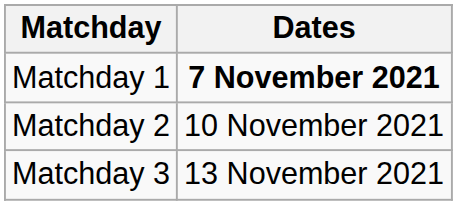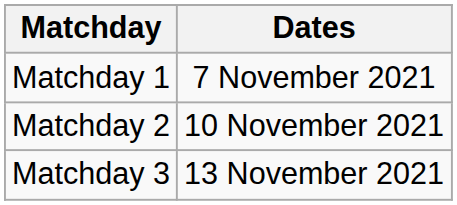 <table class="wikitable" style="text-align:center">
 <tr>
 </tr>
 <tr>
 <th>Matchday</th>
 <th>Dates</th>
 </tr>
 <tr>
 <td>Matchday 1</td>
-<td><strong>7 November 2021</strong></td>
+<td>7 November 2021</td>
 </tr>
 <tr>
 <td>Matchday 2</td>
 <td>10 November 2021</td>
 </tr>
 <tr>
 <td>Matchday 3</td>
 <td>13 November 2021</td>
 </tr>
 </table>
